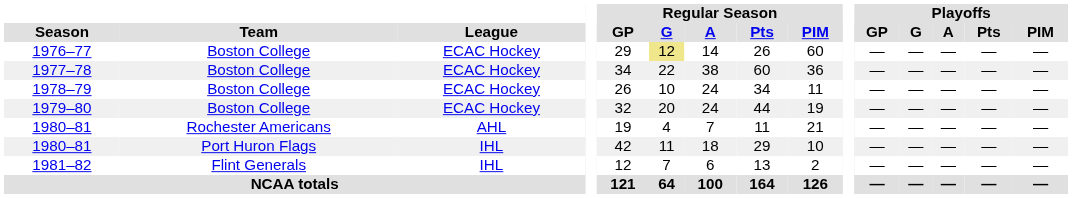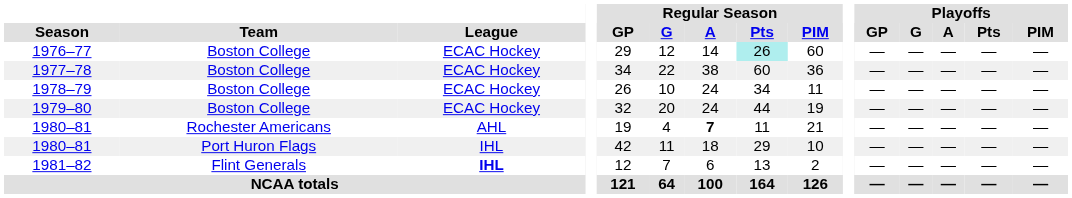 <table border="0" cellpadding="1" cellspacing="0" style="text-align:center; width:70em">
 <tr bgcolor="#e0e0e0">
 <th colspan="3"  bgcolor="#ffffff"> </th>
 <th rowspan="99" bgcolor="#ffffff"> </th>
 <th colspan="5">Regular Season</th>
 <th rowspan="99" bgcolor="#ffffff"> </th>
 <th colspan="5">Playoffs</th>
 </tr>
 <tr bgcolor="#e0e0e0">
 <th>Season</th>
 <th>Team</th>
 <th>League</th>
 <th>GP</th>
 <th><a href='#'>G</a></th>
 <th><a href='#'>A</a></th>
 <th><a href='#'>Pts</a></th>
 <th><a href='#'>PIM</a></th>
 <th>GP</th>
 <th>G</th>
 <th>A</th>
 <th>Pts</th>
 <th>PIM</th>
 </tr>
 <tr>
 <td><a href='#'>1976–77</a></td>
 <td><a href='#'>Boston College</a></td>
 <td><a href='#'>ECAC Hockey</a></td>
 <td>29</td>
-<td style="background: khaki;">12</td>
+<td>12</td>
 <td>14</td>
-<td>26</td>
+<td style="background: paleturquoise;">26</td>
 <td>60</td>
 <td>—</td>
 <td>—</td>
 <td>—</td>
 <td>—</td>
 <td>—</td>
 </tr>
 <tr bgcolor="f0f0f0">
 <td><a href='#'>1977–78</a></td>
 <td><a href='#'>Boston College</a></td>
 <td><a href='#'>ECAC Hockey</a></td>
 <td>34</td>
 <td>22</td>
 <td>38</td>
 <td>60</td>
 <td>36</td>
 <td>—</td>
 <td>—</td>
 <td>—</td>
 <td>—</td>
 <td>—</td>
 </tr>
 <tr>
 <td><a href='#'>1978–79</a></td>
 <td><a href='#'>Boston College</a></td>
 <td><a href='#'>ECAC Hockey</a></td>
 <td>26</td>
 <td>10</td>
 <td>24</td>
 <td>34</td>
 <td>11</td>
 <td>—</td>
 <td>—</td>
 <td>—</td>
 <td>—</td>
 <td>—</td>
 </tr>
 <tr bgcolor="f0f0f0">
 <td><a href='#'>1979–80</a></td>
 <td><a href='#'>Boston College</a></td>
 <td><a href='#'>ECAC Hockey</a></td>
 <td>32</td>
 <td>20</td>
 <td>24</td>
 <td>44</td>
 <td>19</td>
 <td>—</td>
 <td>—</td>
 <td>—</td>
 <td>—</td>
 <td>—</td>
 </tr>
 <tr>
 <td><a href='#'>1980–81</a></td>
 <td><a href='#'>Rochester Americans</a></td>
 <td><a href='#'>AHL</a></td>
 <td>19</td>
 <td>4</td>
-<td>7</td>
+<td><strong>7</strong></td>
 <td>11</td>
 <td>21</td>
 <td>—</td>
 <td>—</td>
 <td>—</td>
 <td>—</td>
 <td>—</td>
 </tr>
 <tr bgcolor="f0f0f0">
 <td><a href='#'>1980–81</a></td>
 <td><a href='#'>Port Huron Flags</a></td>
 <td><a href='#'>IHL</a></td>
 <td>42</td>
 <td>11</td>
 <td>18</td>
 <td>29</td>
 <td>10</td>
 <td>—</td>
 <td>—</td>
 <td>—</td>
 <td>—</td>
 <td>—</td>
 </tr>
 <tr>
 <td><a href='#'>1981–82</a></td>
 <td><a href='#'>Flint Generals</a></td>
-<td><a href='#'>IHL</a></td>
+<td><strong><a href='#'>IHL</a></strong></td>
 <td>12</td>
 <td>7</td>
 <td>6</td>
 <td>13</td>
 <td>2</td>
 <td>—</td>
 <td>—</td>
 <td>—</td>
 <td>—</td>
 <td>—</td>
 </tr>
 <tr bgcolor="#e0e0e0">
 <th colspan="3">NCAA totals</th>
 <th>121</th>
 <th>64</th>
 <th>100</th>
 <th>164</th>
 <th>126</th>
 <th>—</th>
 <th>—</th>
 <th>—</th>
 <th>—</th>
 <th>—</th>
 </tr>
 </table>
